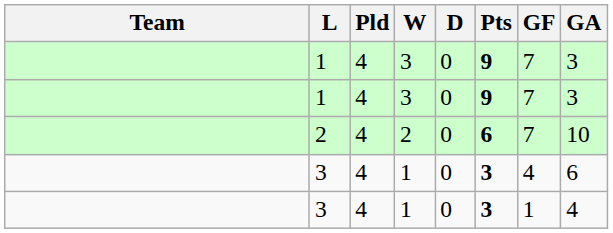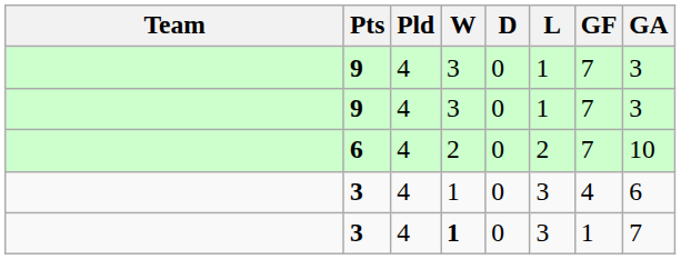 <table class="wikitable">
 <tr>
 <th width=200>Team</th>
-<th width=20>L</th>
+<th width=20>Pts</th>
 <th width=20>Pld</th>
 <th width=20>W</th>
 <th width=20>D</th>
-<th width=20>Pts</th>
+<th width=20>L</th>
 <th width=20>GF</th>
 <th width=20>GA</th>
 </tr>
 <tr style="background:#ccffcc">
 <td style="text-align:left"></td>
-<td>1</td>
+<td><strong>9</strong></td>
 <td>4</td>
 <td>3</td>
 <td>0</td>
-<td><strong>9</strong></td>
+<td>1</td>
 <td>7</td>
 <td>3</td>
 </tr>
 <tr style="background:#ccffcc">
 <td style="text-align:left"></td>
-<td>1</td>
+<td><strong>9</strong></td>
 <td>4</td>
 <td>3</td>
 <td>0</td>
-<td><strong>9</strong></td>
+<td>1</td>
 <td>7</td>
 <td>3</td>
 </tr>
 <tr style="background:#ccffcc">
 <td style="text-align:left"></td>
-<td>2</td>
+<td><strong>6</strong></td>
 <td>4</td>
 <td>2</td>
 <td>0</td>
-<td><strong>6</strong></td>
+<td>2</td>
 <td>7</td>
 <td>10</td>
 </tr>
 <tr>
 <td style="text-align:left"></td>
-<td>3</td>
+<td><strong>3</strong></td>
 <td>4</td>
 <td>1</td>
 <td>0</td>
-<td><strong>3</strong></td>
+<td>3</td>
 <td>4</td>
 <td>6</td>
 </tr>
 <tr>
 <td style="text-align:left"></td>
+<td><strong>3</strong></td>
+<td>4</td>
+<td><strong>1</strong></td>
+<td>0</td>
 <td>3</td>
-<td>4</td>
 <td>1</td>
-<td>0</td>
-<td><strong>3</strong></td>
-<td>1</td>
-<td>4</td>
+<td>7</td>
 </tr>
 </table>
